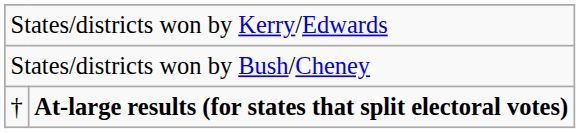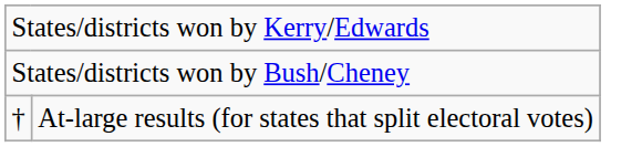 <table class="wikitable" style="font-size:90%;line-height:1.2">
 <tr>
 <td colspan=2>States/districts won by <a href='#'>Kerry</a>/<a href='#'>Edwards</a></td>
 </tr>
 <tr>
 <td colspan=2>States/districts won by <a href='#'>Bush</a>/<a href='#'>Cheney</a></td>
 </tr>
 <tr>
 <td>†</td>
-<td><strong>At-large results (for states that split electoral votes)</strong></td>
+<td>At-large results (for states that split electoral votes)</td>
 </tr>
 </table>
